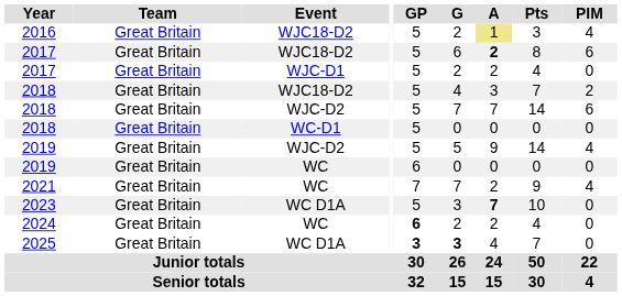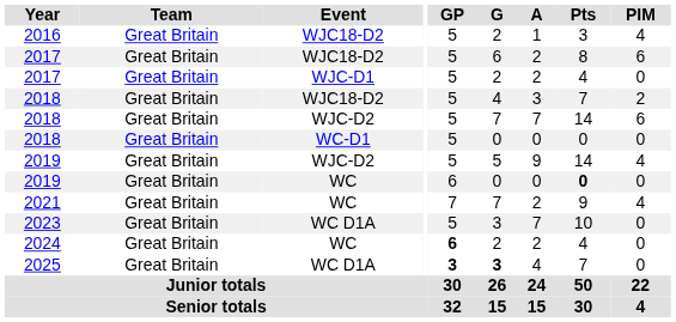 <table border="0" cellpadding="1" cellspacing="0" ID="Table3" style="text-align:center; width:40em">
 <tr bgcolor="#e0e0e0">
 <th>Year</th>
 <th>Team</th>
 <th>Event</th>
 <th rowspan="102" bgcolor="#ffffff"></th>
 <th>GP</th>
 <th>G</th>
 <th>A</th>
 <th>Pts</th>
 <th>PIM</th>
 </tr>
 <tr>
 <td><a href='#'>2016</a></td>
 <td><a href='#'>Great Britain</a></td>
 <td><a href='#'>WJC18-D2</a></td>
 <td>5</td>
 <td>2</td>
-<td style="background: khaki;">1</td>
+<td>1</td>
 <td>3</td>
 <td>4</td>
 </tr>
 <tr bgcolor="#f0f0f0">
 <td><a href='#'>2017</a></td>
 <td>Great Britain</td>
 <td>WJC18-D2</td>
 <td>5</td>
 <td>6</td>
-<td><strong>2</strong></td>
+<td>2</td>
 <td>8</td>
 <td>6</td>
 </tr>
 <tr>
 <td><a href='#'>2017</a></td>
 <td><a href='#'>Great Britain</a></td>
 <td><a href='#'>WJC-D1</a></td>
 <td>5</td>
 <td>2</td>
 <td>2</td>
 <td>4</td>
 <td>0</td>
 </tr>
 <tr bgcolor="#f0f0f0">
 <td><a href='#'>2018</a></td>
 <td>Great Britain</td>
 <td>WJC18-D2</td>
 <td>5</td>
 <td>4</td>
 <td>3</td>
 <td>7</td>
 <td>2</td>
 </tr>
 <tr>
 <td><a href='#'>2018</a></td>
 <td>Great Britain</td>
 <td>WJC-D2</td>
 <td>5</td>
 <td>7</td>
 <td>7</td>
 <td>14</td>
 <td>6</td>
 </tr>
 <tr bgcolor="#f0f0f0">
 <td><a href='#'>2018</a></td>
 <td><a href='#'>Great Britain</a></td>
 <td><a href='#'>WC-D1</a></td>
 <td>5</td>
 <td>0</td>
 <td>0</td>
 <td>0</td>
 <td>0</td>
 </tr>
 <tr>
 <td><a href='#'>2019</a></td>
 <td>Great Britain</td>
 <td>WJC-D2</td>
 <td>5</td>
 <td>5</td>
 <td>9</td>
 <td>14</td>
 <td>4</td>
 </tr>
 <tr bgcolor="#f0f0f0">
 <td><a href='#'>2019</a></td>
 <td>Great Britain</td>
 <td>WC</td>
 <td>6</td>
 <td>0</td>
 <td>0</td>
-<td>0</td>
+<td><strong>0</strong></td>
 <td>0</td>
 </tr>
 <tr>
 <td><a href='#'>2021</a></td>
 <td>Great Britain</td>
 <td>WC</td>
 <td>7</td>
 <td>7</td>
 <td>2</td>
 <td>9</td>
 <td>4</td>
 </tr>
 <tr bgcolor="#f0f0f0">
 <td><a href='#'>2023</a></td>
 <td>Great Britain</td>
 <td>WC D1A</td>
 <td>5</td>
 <td>3</td>
-<td><strong>7</strong></td>
+<td>7</td>
 <td>10</td>
 <td>0</td>
 </tr>
 <tr>
 <td><a href='#'>2024</a></td>
 <td>Great Britain</td>
 <td>WC</td>
 <th>6</th>
 <td>2</td>
 <td>2</td>
 <td>4</td>
 <td>0</td>
 </tr>
 <tr>
 <td><a href='#'>2025</a></td>
 <td>Great Britain</td>
 <td>WC D1A</td>
 <th>3</th>
 <th>3</th>
 <td>4</td>
 <td>7</td>
 <td>0</td>
 </tr>
 <tr bgcolor="#e0e0e0">
 <th colspan="4">Junior totals</th>
 <th>30</th>
 <th>26</th>
 <th>24</th>
 <th>50</th>
 <th>22</th>
 </tr>
 <tr bgcolor="#e0e0e0">
 <th colspan="4">Senior totals</th>
 <th>32</th>
 <th>15</th>
 <th>15</th>
 <th>30</th>
 <th>4</th>
 </tr>
 </table>
